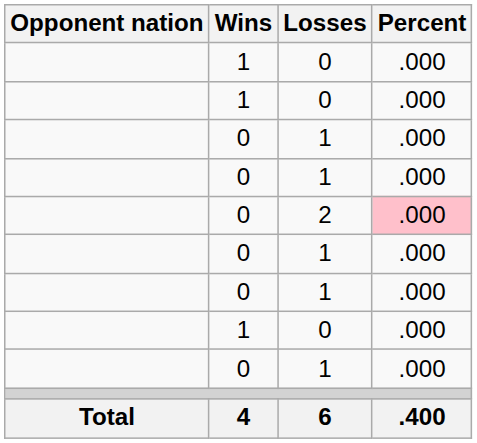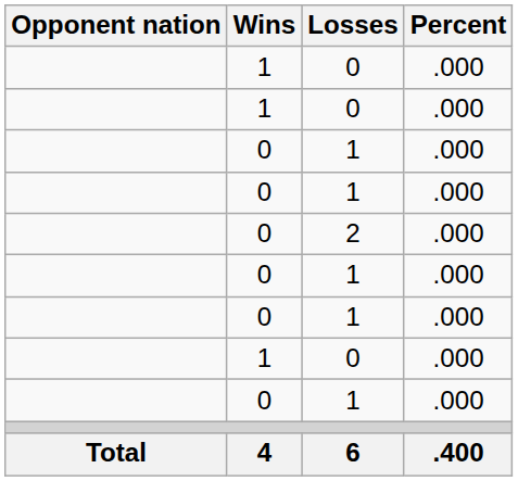 <table class=wikitable>
 <tr>
 <th>Opponent nation</th>
 <th>Wins</th>
 <th>Losses</th>
 <th>Percent</th>
 </tr>
 <tr align=center>
 <td align=left></td>
 <td>1</td>
 <td>0</td>
 <td>.000</td>
 </tr>
 <tr align=center>
 <td align=left></td>
 <td>1</td>
 <td>0</td>
 <td>.000</td>
 </tr>
 <tr align=center>
 <td align=left></td>
 <td>0</td>
 <td>1</td>
 <td>.000</td>
 </tr>
 <tr align=center>
 <td align=left></td>
 <td>0</td>
 <td>1</td>
 <td>.000</td>
 </tr>
 <tr align=center>
 <td align=left></td>
 <td>0</td>
 <td>2</td>
-<td style="background: pink;">.000</td>
+<td>.000</td>
 </tr>
 <tr align=center>
 <td align=left></td>
 <td>0</td>
 <td>1</td>
 <td>.000</td>
 </tr>
 <tr align=center>
 <td align=left></td>
 <td>0</td>
 <td>1</td>
 <td>.000</td>
 </tr>
 <tr align=center>
 <td align=left></td>
 <td>1</td>
 <td>0</td>
 <td>.000</td>
 </tr>
 <tr align=center>
 <td align=left></td>
 <td>0</td>
 <td>1</td>
 <td>.000</td>
 </tr>
 <tr>
 <td colspan=4 bgcolor=lightgray></td>
 </tr>
 <tr>
 <th>Total</th>
 <th>4</th>
 <th>6</th>
 <th>.400</th>
 </tr>
 </table>
